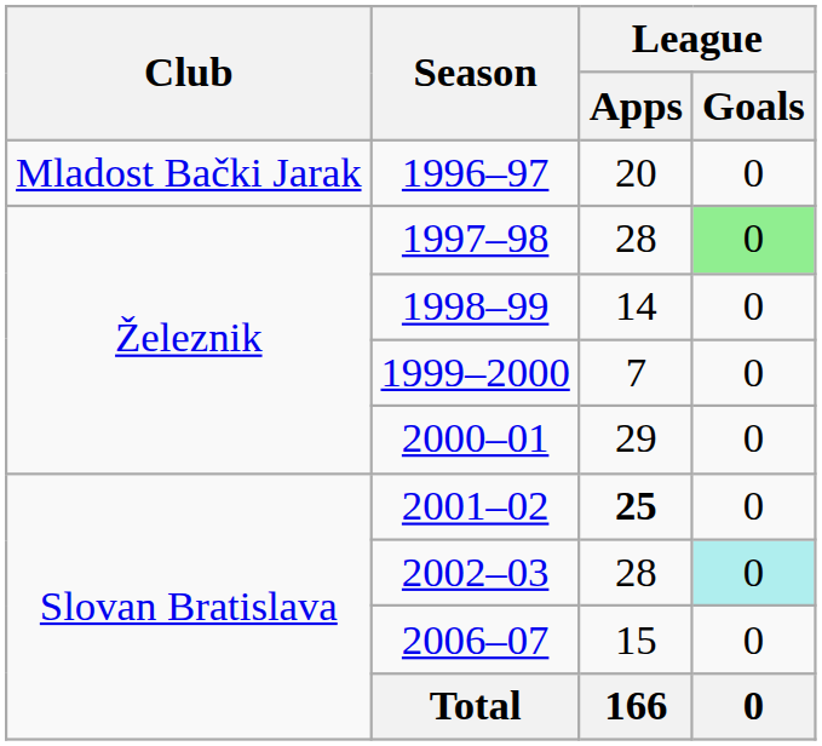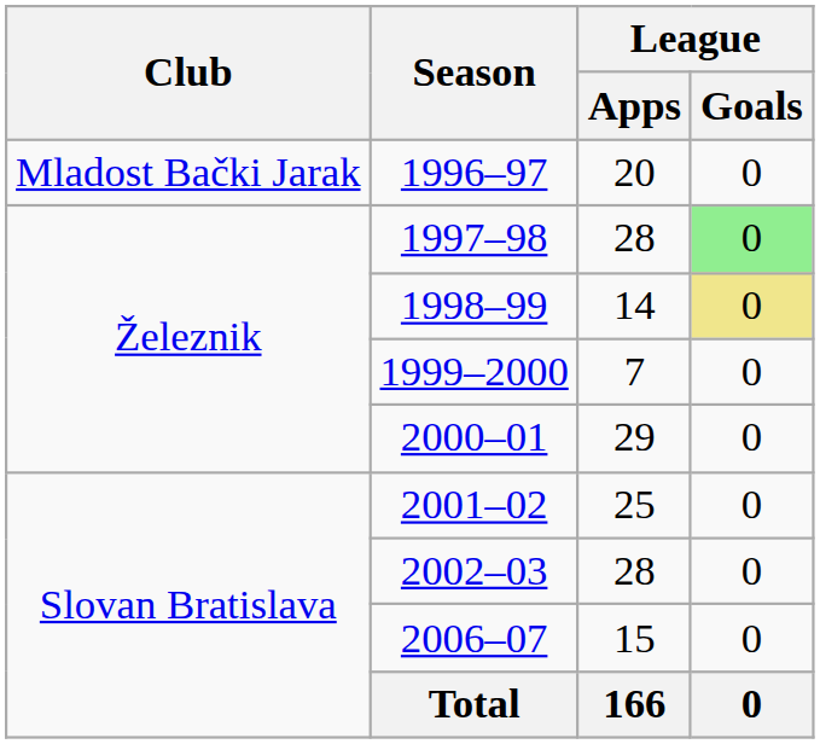 <table class="wikitable" style="text-align:center">
 <tr>
 <th rowspan="2">Club</th>
 <th rowspan="2">Season</th>
 <th colspan="2">League</th>
 </tr>
 <tr>
 <th>Apps</th>
 <th>Goals</th>
 </tr>
 <tr>
 <td><a href='#'>Mladost Bački Jarak</a></td>
 <td><a href='#'>1996–97</a></td>
 <td>20</td>
 <td>0</td>
 </tr>
 <tr>
 <td rowspan="4"><a href='#'>Železnik</a></td>
 <td><a href='#'>1997–98</a></td>
 <td>28</td>
 <td style="background: lightgreen;">0</td>
 </tr>
 <tr>
 <td><a href='#'>1998–99</a></td>
 <td>14</td>
-<td>0</td>
+<td style="background: khaki;">0</td>
 </tr>
 <tr>
 <td><a href='#'>1999–2000</a></td>
 <td>7</td>
 <td>0</td>
 </tr>
 <tr>
 <td><a href='#'>2000–01</a></td>
 <td>29</td>
 <td>0</td>
 </tr>
 <tr>
 <td rowspan="4"><a href='#'>Slovan Bratislava</a></td>
 <td><a href='#'>2001–02</a></td>
-<td><strong>25</strong></td>
+<td>25</td>
 <td>0</td>
 </tr>
 <tr>
 <td><a href='#'>2002–03</a></td>
 <td>28</td>
-<td style="background: paleturquoise;">0</td>
+<td>0</td>
 </tr>
 <tr>
 <td><a href='#'>2006–07</a></td>
 <td>15</td>
 <td>0</td>
 </tr>
 <tr>
 <th>Total</th>
 <th>166</th>
 <th>0</th>
 </tr>
 </table>
